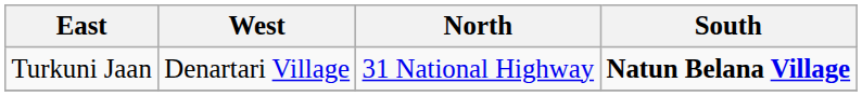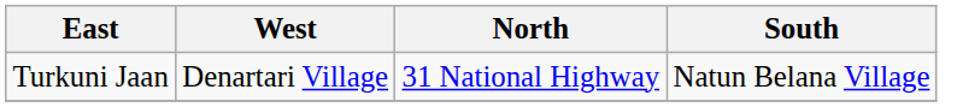 <table class="wikitable">
 <tr>
 <th>East</th>
 <th>West</th>
 <th>North</th>
 <th>South</th>
 </tr>
 <tr>
 <td>Turkuni Jaan</td>
 <td>Denartari <a href='#'>Village</a></td>
 <td><a href='#'>31 National Highway</a></td>
-<td><strong>Natun Belana <a href='#'>Village</a></strong></td>
+<td>Natun Belana <a href='#'>Village</a></td>
 </tr>
 <tr>
 </tr>
 </table>
